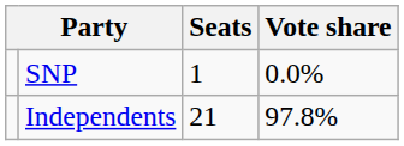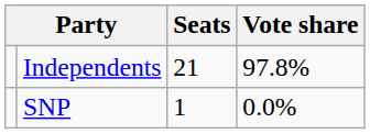 <table class="wikitable">
 <tr>
 <th scope="col"; colspan="2">Party</th>
 <th scope="col">Seats</th>
 <th scope="col">Vote share</th>
 </tr>
 <tr>
 <td style="background-color: "></td>
+<td scope="row"><a href='#'>Independents</a></td>
+<td>21</td>
+<td>97.8%</td>
+</tr>
+<tr>
+<td style="background-color: "></td>
 <td scope="row"><a href='#'>SNP</a></td>
 <td>1</td>
 <td>0.0%</td>
 </tr>
-<tr>
-<td style="background-color: "></td>
-<td scope="row"><a href='#'>Independents</a></td>
-<td>21</td>
-<td>97.8%</td>
-</tr>
 </table>
